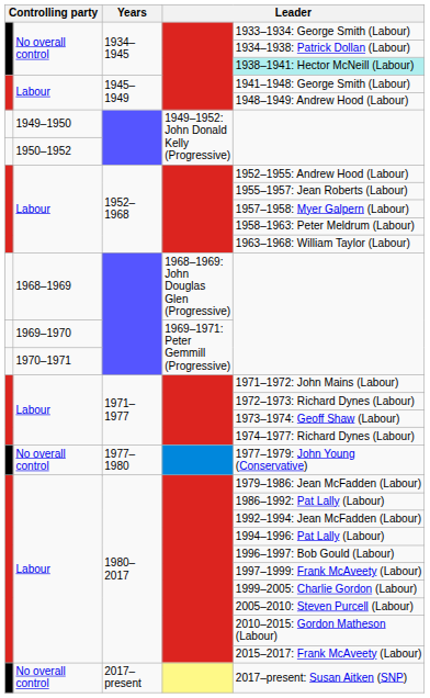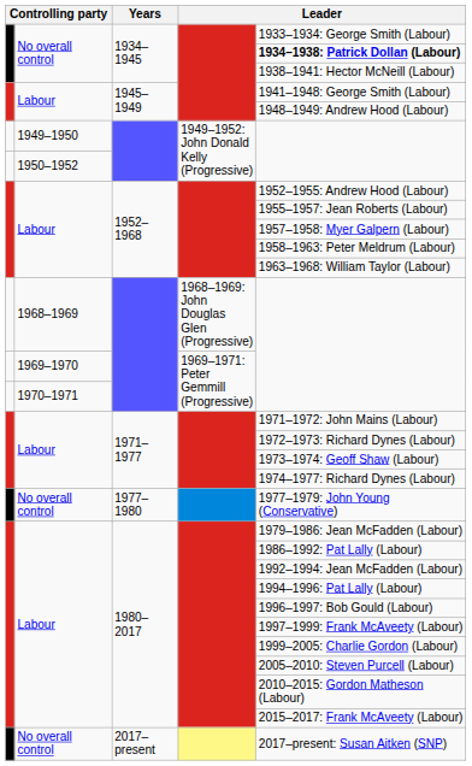 <table class="wikitable">
 <tr Glasgow Corporation / District Council / City Council>
 <th colspan="2" width=120px><strong>Controlling party</strong></th>
 <th width=80px><strong>Years</strong></th>
 <th colspan="2" width=300px><strong>Leader</strong></th>
 </tr>
 <tr>
 <td rowspan=4 style="background-color:#000000;" width=5px></td>
 <td rowspan=4><a href='#'>No overall control</a></td>
 <td rowspan=4>1934–1945</td>
 <td rowspan=6 style="background-color:#DC241f;" width=5px></td>
 <td>1933–1934: George Smith (Labour)</td>
 </tr>
 <tr>
-<td>1934–1938: <a href='#'>Patrick Dollan</a> (Labour)</td>
+<td><strong>1934–1938: <a href='#'>Patrick Dollan</a> (Labour)</strong></td>
 </tr>
 <tr>
-<td style="background: paleturquoise;">1938–1941: Hector McNeill (Labour)</td>
+<td>1938–1941: Hector McNeill (Labour)</td>
 </tr>
 <tr>
 <td rowspan=2>1941–1948: George Smith (Labour)</td>
 </tr>
 <tr>
 <td rowspan=2 style="background-color:#DC241f;" width=5px></td>
 <td rowspan=2><a href='#'>Labour</a></td>
 <td rowspan=2>1945–1949</td>
 </tr>
 <tr>
 <td>1948–1949: Andrew Hood (Labour)</td>
 </tr>
 <tr>
 <td></td>
 <td>1949–1950</td>
 <td rowspan=2 style="background-color:#5555FF;" width=5px></td>
 <td rowspan=2>1949–1952: John Donald Kelly (Progressive)</td>
 </tr>
 <tr>
 <td></td>
 <td>1950–1952</td>
 </tr>
 <tr>
 <td rowspan=5 style="background-color:#DC241f;" width=5px></td>
 <td rowspan=5><a href='#'>Labour</a></td>
 <td rowspan=5>1952–1968</td>
 <td rowspan=5 style="background-color:#DC241f;" width=5px></td>
 <td>1952–1955: Andrew Hood (Labour)</td>
 </tr>
 <tr>
 <td>1955–1957: Jean Roberts (Labour)</td>
 </tr>
 <tr>
 <td>1957–1958: <a href='#'>Myer Galpern</a> (Labour)</td>
 </tr>
 <tr>
 <td>1958–1963: Peter Meldrum (Labour)</td>
 </tr>
 <tr>
 <td>1963–1968: William Taylor (Labour)</td>
 </tr>
 <tr>
 <td></td>
 <td>1968–1969</td>
 <td rowspan=3 style="background-color:#5555FF;" width=5px></td>
 <td>1968–1969: John Douglas Glen (Progressive)</td>
 </tr>
 <tr>
 <td></td>
 <td>1969–1970</td>
 <td rowspan=2>1969–1971: Peter Gemmill (Progressive)</td>
 </tr>
 <tr>
 <td></td>
 <td>1970–1971</td>
 </tr>
 <tr>
 <td rowspan=4 style="background-color:#DC241f;" width=5px></td>
 <td rowspan=4><a href='#'>Labour</a></td>
 <td rowspan=4>1971–1977</td>
 <td rowspan=4 style="background-color:#DC241f;" width=5px></td>
 <td>1971–1972: John Mains (Labour)</td>
 </tr>
 <tr>
 <td>1972–1973: Richard Dynes (Labour)</td>
 </tr>
 <tr>
 <td>1973–1974: <a href='#'>Geoff Shaw</a> (Labour)</td>
 </tr>
 <tr>
 <td>1974–1977: Richard Dynes (Labour)</td>
 </tr>
 <tr>
 <td rowspan=2 style="background-color:#000000;" width=5px></td>
 <td rowspan=2><a href='#'>No overall control</a></td>
 <td rowspan=2>1977–1980</td>
 <td style="background-color:#0087DC;" width=5px></td>
 <td>1977–1979: <a href='#'>John Young</a> (<a href='#'>Conservative</a>)</td>
 </tr>
 <tr>
 <td rowspan=11 style="background-color:#DC241f;" width=5px></td>
 <td rowspan=2>1979–1986: Jean McFadden (Labour)</td>
 </tr>
 <tr>
 <td rowspan=10 style="background-color:#DC241f;" width=5px></td>
 <td rowspan=10><a href='#'>Labour</a></td>
 <td rowspan=10>1980–2017</td>
 </tr>
 <tr>
 <td>1986–1992: <a href='#'>Pat Lally</a> (Labour)</td>
 </tr>
 <tr>
 <td>1992–1994: Jean McFadden (Labour)</td>
 </tr>
 <tr>
 <td>1994–1996: <a href='#'>Pat Lally</a> (Labour)</td>
 </tr>
 <tr>
 <td>1996–1997: Bob Gould (Labour)</td>
 </tr>
 <tr>
 <td>1997–1999: <a href='#'>Frank McAveety</a> (Labour)</td>
 </tr>
 <tr>
 <td>1999–2005: <a href='#'>Charlie Gordon</a> (Labour)</td>
 </tr>
 <tr>
 <td>2005–2010: <a href='#'>Steven Purcell</a> (Labour)</td>
 </tr>
 <tr>
 <td>2010–2015: <a href='#'>Gordon Matheson</a> (Labour)</td>
 </tr>
 <tr>
 <td>2015–2017: <a href='#'>Frank McAveety</a> (Labour)</td>
 </tr>
 <tr>
 <td style="background-color:#000000;" width=5px></td>
 <td><a href='#'>No overall control</a></td>
 <td>2017–present</td>
 <td style="background-color:#FEF987;" width=5px></td>
 <td>2017–present: <a href='#'>Susan Aitken</a> (<a href='#'>SNP</a>)</td>
 </tr>
 </table>
